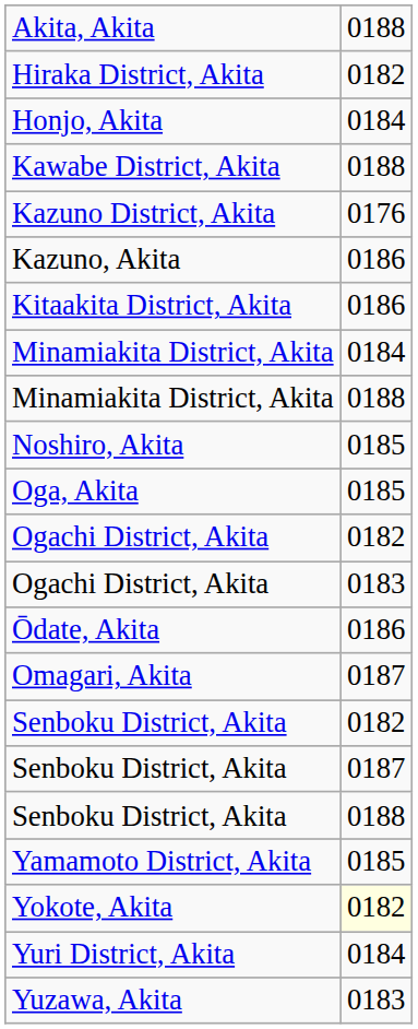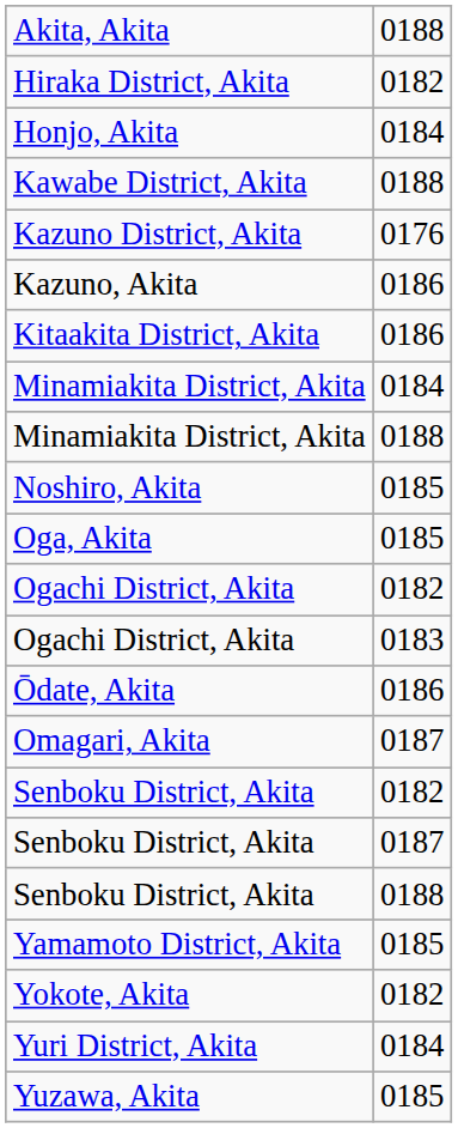 <table class="wikitable">
 <tr>
 <td><a href='#'>Akita, Akita</a></td>
 <td>0188</td>
 </tr>
 <tr>
 <td><a href='#'>Hiraka District, Akita</a></td>
 <td>0182</td>
 </tr>
 <tr>
 <td><a href='#'>Honjo, Akita</a></td>
 <td>0184</td>
 </tr>
 <tr>
 <td><a href='#'>Kawabe District, Akita</a></td>
 <td>0188</td>
 </tr>
 <tr>
 <td><a href='#'>Kazuno District, Akita</a></td>
 <td>0176</td>
 </tr>
 <tr>
 <td>Kazuno, Akita</td>
 <td>0186</td>
 </tr>
 <tr>
 <td><a href='#'>Kitaakita District, Akita</a></td>
 <td>0186</td>
 </tr>
 <tr>
 <td><a href='#'>Minamiakita District, Akita</a></td>
 <td>0184</td>
 </tr>
 <tr>
 <td>Minamiakita District, Akita</td>
 <td>0188</td>
 </tr>
 <tr>
 <td><a href='#'>Noshiro, Akita</a></td>
 <td>0185</td>
 </tr>
 <tr>
 <td><a href='#'>Oga, Akita</a></td>
 <td>0185</td>
 </tr>
 <tr>
 <td><a href='#'>Ogachi District, Akita</a></td>
 <td>0182</td>
 </tr>
 <tr>
 <td>Ogachi District, Akita</td>
 <td>0183</td>
 </tr>
 <tr>
 <td><a href='#'>Ōdate, Akita</a></td>
 <td>0186</td>
 </tr>
 <tr>
 <td><a href='#'>Omagari, Akita</a></td>
 <td>0187</td>
 </tr>
 <tr>
 <td><a href='#'>Senboku District, Akita</a></td>
 <td>0182</td>
 </tr>
 <tr>
 <td>Senboku District, Akita</td>
 <td>0187</td>
 </tr>
 <tr>
 <td>Senboku District, Akita</td>
 <td>0188</td>
 </tr>
 <tr>
 <td><a href='#'>Yamamoto District, Akita</a></td>
 <td>0185</td>
 </tr>
 <tr>
 <td><a href='#'>Yokote, Akita</a></td>
-<td style="background: lightyellow;">0182</td>
+<td>0182</td>
 </tr>
 <tr>
 <td><a href='#'>Yuri District, Akita</a></td>
 <td>0184</td>
 </tr>
 <tr>
 <td><a href='#'>Yuzawa, Akita</a></td>
-<td>0183</td>
+<td>0185</td>
 </tr>
 </table>
